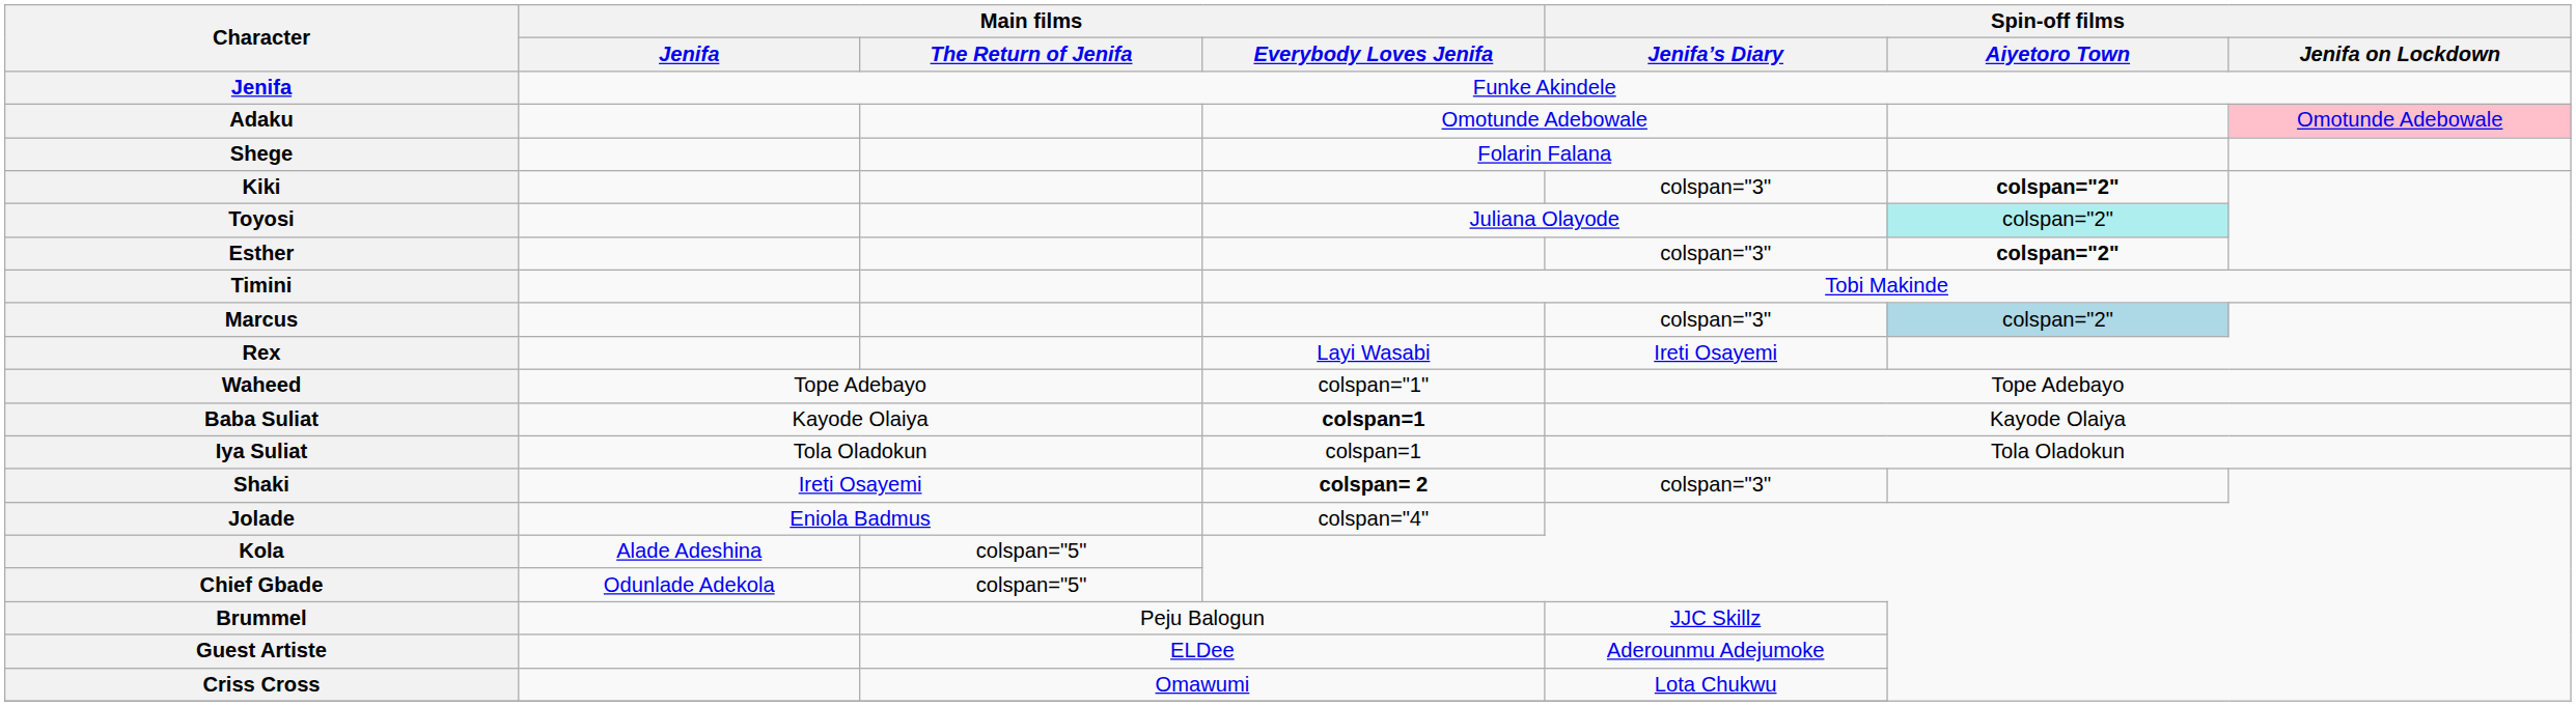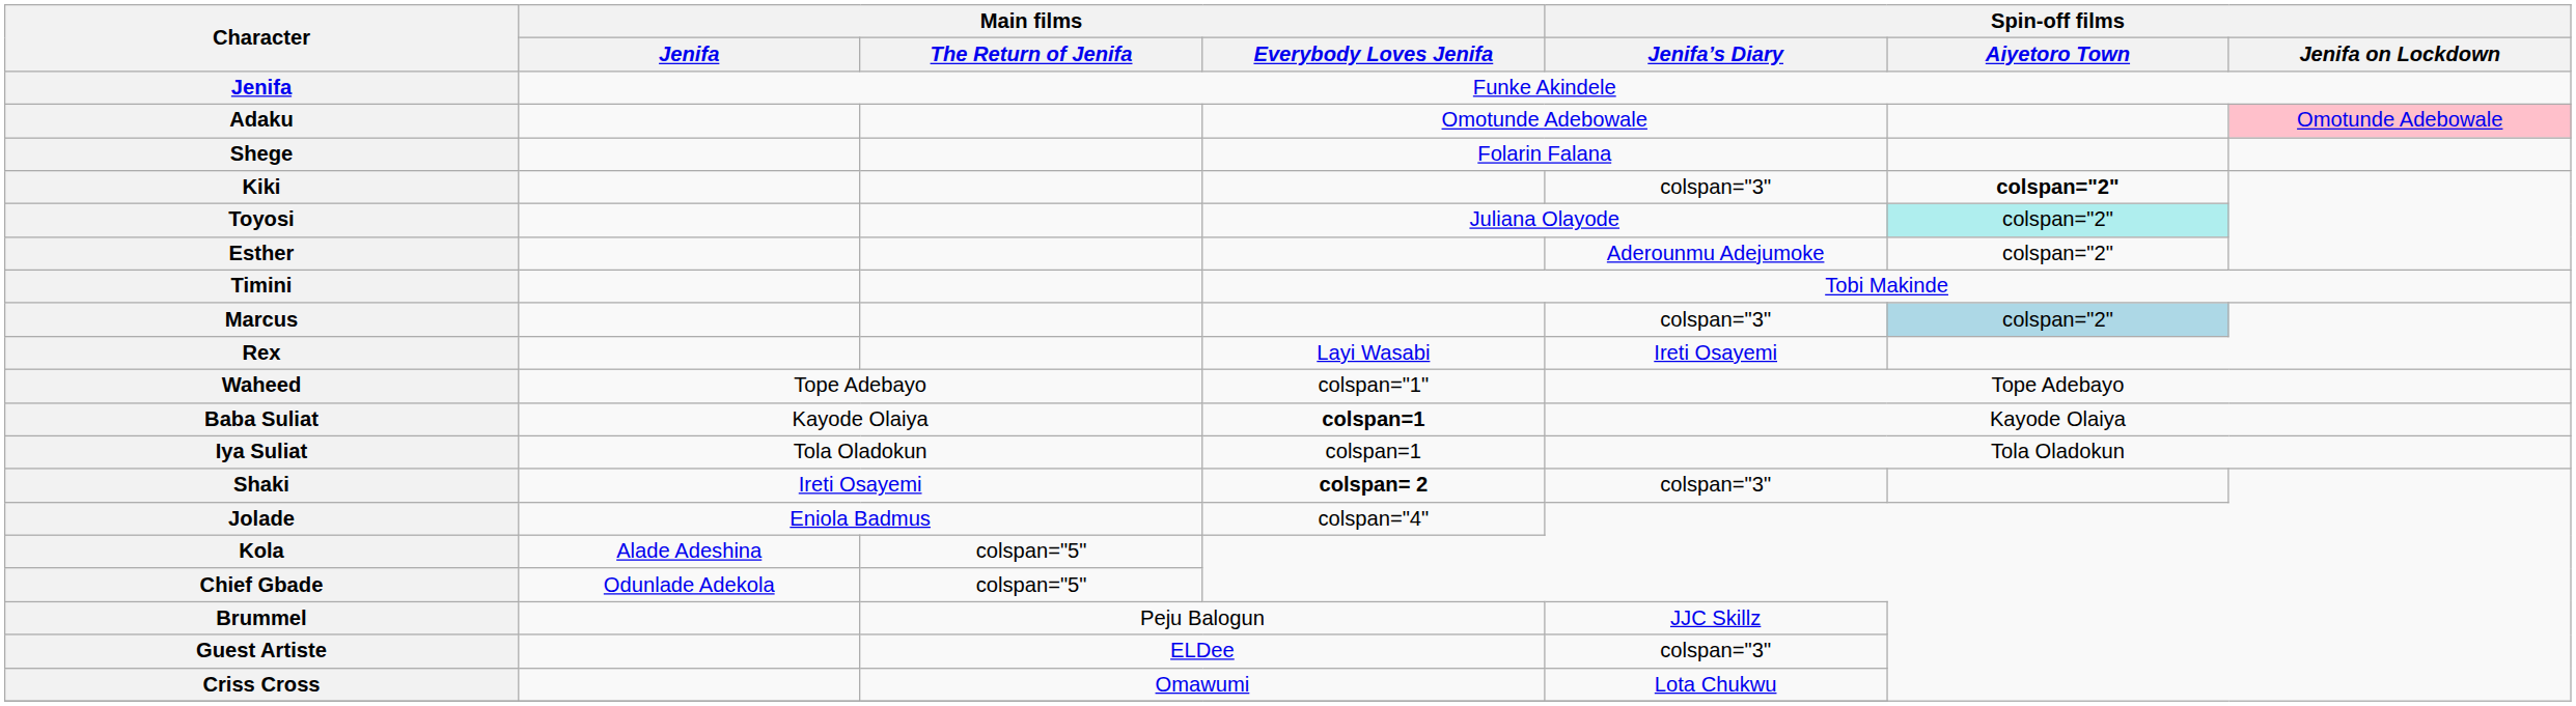 <table class="wikitable" style="text-align:center; width:99%;">
 <tr>
 <th rowspan="2" style="width:12%;">Character</th>
 <th colspan="3">Main films</th>
 <th colspan="3">Spin-off films</th>
 </tr>
 <tr>
 <th style="width:8%;"><em><a href='#'>Jenifa</a></em></th>
 <th style="width:8%;"><em><a href='#'>The Return of Jenifa</a></em></th>
 <th style="width:8%;"><em><a href='#'>Everybody Loves Jenifa</a></em></th>
 <th style="width:8%;"><em><a href='#'>Jenifa’s Diary</a></em></th>
 <th style="width:8%;"><em><a href='#'>Aiyetoro Town</a></em></th>
 <th style="width:8%;"><em>Jenifa on Lockdown</em></th>
 </tr>
 <tr>
 <th scope="row"><a href='#'>Jenifa</a></th>
 <td colspan="6"><a href='#'>Funke Akindele</a></td>
 </tr>
 <tr>
 <th scope="row">Adaku</th>
 <td></td>
 <td></td>
 <td colspan="2"><a href='#'>Omotunde Adebowale</a></td>
 <td></td>
 <td colspan=1 style="background: pink;"><a href='#'> Omotunde Adebowale</a></td>
 </tr>
 <tr>
 <th scope="row">Shege</th>
 <td></td>
 <td></td>
 <td colspan="2"><a href='#'>Folarin Falana</a></td>
 <td></td>
 <td></td>
 </tr>
 <tr>
 <th scope="row">Kiki</th>
 <td></td>
 <td></td>
 <td></td>
 <td>colspan="3" </td>
 <td><strong>colspan="2" </strong></td>
 </tr>
 <tr>
 <th scope="row">Toyosi</th>
 <td></td>
 <td></td>
 <td colspan="2"><a href='#'>Juliana Olayode</a></td>
 <td style="background: paleturquoise;">colspan="2" </td>
 </tr>
 <tr>
 <th scope="row">Esther</th>
 <td></td>
 <td></td>
 <td></td>
-<td>colspan="3" </td>
-<td><strong>colspan="2" </strong></td>
+<td colspan="1"><a href='#'>Aderounmu Adejumoke</a></td>
+<td>colspan="2" </td>
 </tr>
 <tr>
 <th scope="row">Timini</th>
 <td></td>
 <td></td>
 <td colspan="4"><a href='#'>Tobi Makinde</a></td>
 </tr>
 <tr>
 <th scope="row">Marcus</th>
 <td></td>
 <td></td>
 <td></td>
 <td>colspan="3" </td>
 <td style="background: lightblue;">colspan="2" </td>
 </tr>
 <tr>
 <th scope="row">Rex</th>
 <td></td>
 <td></td>
 <td colspan="1"><a href='#'>Layi Wasabi</a></td>
 <td colspan=1><a href='#'>Ireti Osayemi</a></td>
 </tr>
 <tr>
 <th scope="row">Waheed</th>
 <td colspan="2">Tope Adebayo</td>
 <td>colspan="1" </td>
 <td colspan="3">Tope Adebayo</td>
 </tr>
 <tr>
 <th scope=row>Baba Suliat</th>
 <td colspan= 2>Kayode Olaiya</td>
 <td><strong>colspan=1 </strong></td>
 <td colspan= 3>Kayode Olaiya</td>
 </tr>
 <tr>
 <th scope=row>Iya Suliat</th>
 <td colspan=2>Tola Oladokun</td>
 <td>colspan=1 </td>
 <td colspan=3>Tola Oladokun</td>
 </tr>
 <tr>
 <th scope=row>Shaki</th>
 <td colspan=2><a href='#'>Ireti Osayemi</a></td>
 <td><strong>colspan= 2 </strong></td>
 <td>colspan="3" </td>
 <td></td>
 </tr>
 <tr>
 <th scope="row">Jolade</th>
 <td colspan="2"><a href='#'>Eniola Badmus</a></td>
 <td>colspan="4" </td>
 </tr>
 <tr>
 <th scope="row">Kola</th>
 <td><a href='#'>Alade Adeshina</a></td>
 <td>colspan="5" </td>
 </tr>
 <tr>
 <th scope="row">Chief Gbade</th>
 <td><a href='#'>Odunlade Adekola</a></td>
 <td>colspan="5" </td>
 </tr>
 <tr>
 <th scope="row">Brummel</th>
 <td></td>
 <td colspan="2">Peju Balogun</td>
 <td colspan="1"><a href='#'>JJC Skillz</a></td>
 </tr>
 <tr>
 <th scope="row">Guest Artiste</th>
 <td></td>
 <td colspan="2"><a href='#'>ELDee</a></td>
-<td colspan="1"><a href='#'>Aderounmu Adejumoke</a></td>
+<td>colspan="3" </td>
 </tr>
 <tr>
 <th scope="row">Criss Cross</th>
 <td></td>
 <td colspan="2"><a href='#'>Omawumi</a></td>
 <td colspan="1"><a href='#'>Lota Chukwu</a></td>
 </tr>
 <tr>
 </tr>
 </table>
